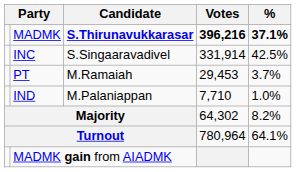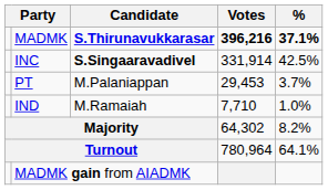 <table class="wikitable">
 <tr>
 <th colspan="2">Party</th>
 <th>Candidate</th>
 <th>Votes</th>
 <th>%</th>
 </tr>
 <tr>
 <td></td>
 <td><a href='#'>MADMK</a></td>
 <td><strong><a href='#'>S.Thirunavukkarasar</a></strong></td>
 <td><strong>396,216</strong></td>
 <td><strong>37.1%</strong></td>
 </tr>
 <tr>
 <td></td>
 <td><a href='#'>INC</a></td>
-<td>S.Singaaravadivel</td>
+<td><strong>S.Singaaravadivel</strong></td>
 <td>331,914</td>
 <td>42.5%</td>
 </tr>
 <tr>
 <td></td>
 <td><a href='#'>PT</a></td>
-<td>M.Ramaiah</td>
+<td>M.Palaniappan</td>
 <td>29,453</td>
 <td>3.7%</td>
 </tr>
 <tr>
 <td></td>
 <td><a href='#'>IND</a></td>
-<td>M.Palaniappan</td>
+<td>M.Ramaiah</td>
 <td>7,710</td>
 <td>1.0%</td>
 </tr>
 <tr>
 <th colspan="3">Majority</th>
 <td>64,302</td>
 <td>8.2%</td>
 </tr>
 <tr>
 <th colspan="3"><a href='#'>Turnout</a></th>
 <td>780,964</td>
 <td>64.1%</td>
 </tr>
 <tr>
 <td></td>
 <td colspan="2"><a href='#'>MADMK</a> <strong>gain</strong> from <a href='#'>AIADMK</a></td>
 <th></th>
 <td></td>
 </tr>
 </table>
